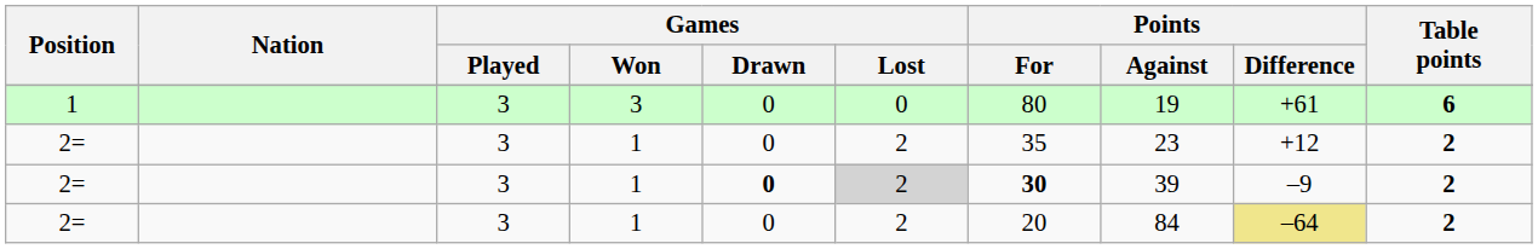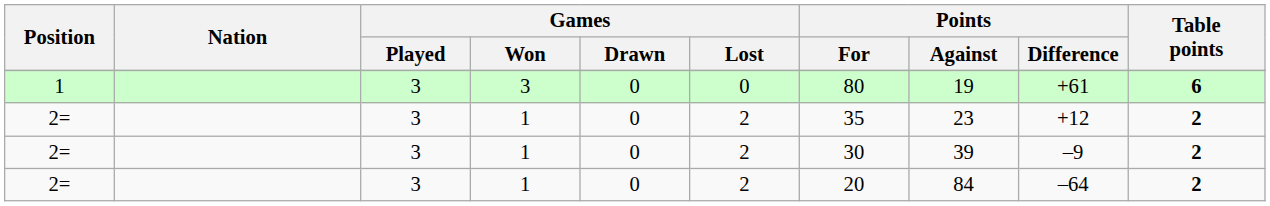 <table class="wikitable" style="text-align: center;">
 <tr>
 <th rowspan=2 width="8%">Position</th>
 <th rowspan=2 width="18%">Nation</th>
 <th colspan=4 width="32%">Games</th>
 <th colspan=3 width="16%">Points</th>
 <th rowspan=2 width="10%">Table<br>points</th>
 </tr>
 <tr>
 <th width="8%">Played</th>
 <th width="8%">Won</th>
 <th width="8%">Drawn</th>
 <th width="8%">Lost</th>
 <th width="8%">For</th>
 <th width="8%">Against</th>
 <th width="8%">Difference</th>
 </tr>
 <tr>
 </tr>
 <tr bgcolor=#ccffcc  align=center>
 <td>1</td>
 <td align=left></td>
 <td>3</td>
 <td>3</td>
 <td>0</td>
 <td>0</td>
 <td>80</td>
 <td>19</td>
 <td>+61</td>
 <td><strong>6</strong></td>
 </tr>
 <tr>
 <td>2=</td>
 <td align=left></td>
 <td>3</td>
 <td>1</td>
 <td>0</td>
 <td>2</td>
 <td>35</td>
 <td>23</td>
 <td>+12</td>
 <td><strong>2</strong></td>
 </tr>
 <tr>
 <td>2=</td>
 <td align=left></td>
 <td>3</td>
 <td>1</td>
-<td><strong>0</strong></td>
-<td style="background: lightgrey;">2</td>
-<td><strong>30</strong></td>
+<td>0</td>
+<td>2</td>
+<td>30</td>
 <td>39</td>
 <td>–9</td>
 <td><strong>2</strong></td>
 </tr>
 <tr>
 <td>2=</td>
 <td align=left></td>
 <td>3</td>
 <td>1</td>
 <td>0</td>
 <td>2</td>
 <td>20</td>
 <td>84</td>
-<td style="background: khaki;">–64</td>
+<td>–64</td>
 <td><strong>2</strong></td>
 </tr>
 </table>
